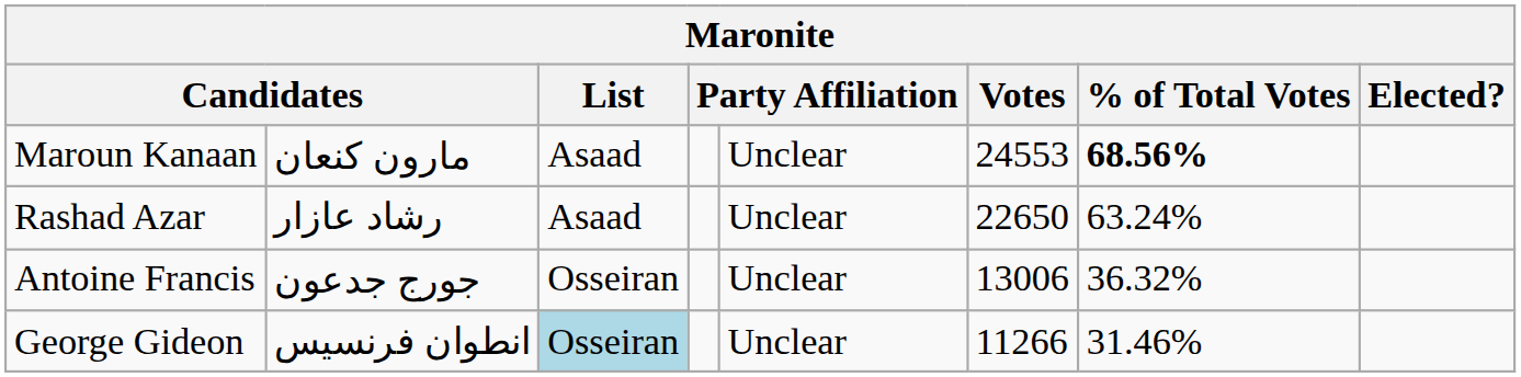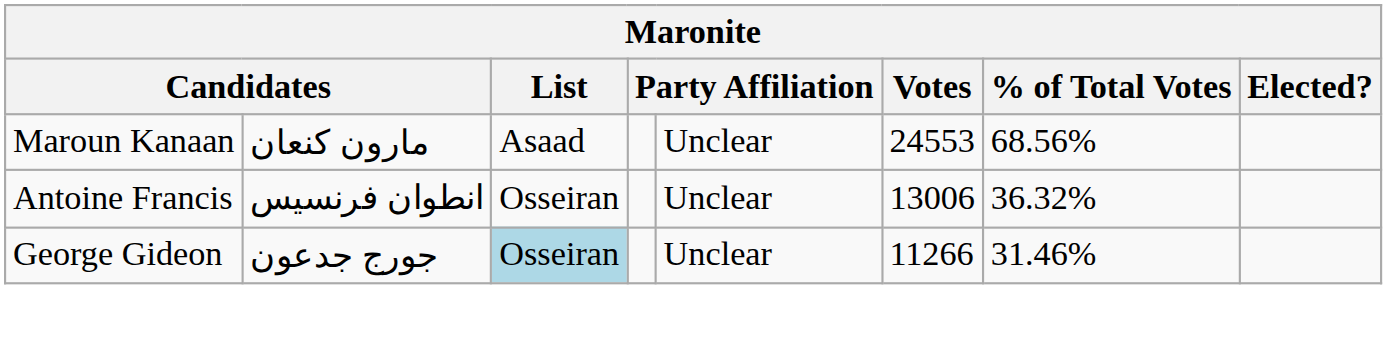 <table class="wikitable sortable">
 <tr>
 <th colspan="8">Maronite</th>
 </tr>
 <tr>
 <th colspan="2">Candidates</th>
 <th>List</th>
 <th colspan="2">Party Affiliation</th>
 <th>Votes</th>
 <th>% of Total Votes</th>
 <th>Elected?</th>
 </tr>
 <tr>
 <td>Maroun Kanaan</td>
 <td>مارون كنعان</td>
 <td>Asaad</td>
 <td style="background: "></td>
 <td>Unclear</td>
 <td>24553</td>
-<td><strong>68.56%</strong></td>
-<td></td>
-</tr>
-<tr>
-<td>Rashad Azar</td>
-<td>رشاد عازار</td>
-<td>Asaad</td>
-<td style="background: "></td>
-<td>Unclear</td>
-<td>22650</td>
-<td>63.24%</td>
+<td>68.56%</td>
 <td></td>
 </tr>
 <tr>
 <td>Antoine Francis</td>
-<td>جورج جدعون</td>
+<td>انطوان فرنسيس</td>
 <td>Osseiran</td>
 <td style="background: "></td>
 <td>Unclear</td>
 <td>13006</td>
 <td>36.32%</td>
 <td></td>
 </tr>
 <tr>
 <td>George Gideon</td>
-<td>انطوان فرنسيس</td>
+<td>جورج جدعون</td>
 <td style="background: lightblue;">Osseiran</td>
 <td style="background: "></td>
 <td>Unclear</td>
 <td>11266</td>
 <td>31.46%</td>
 <td></td>
 </tr>
 </table>
